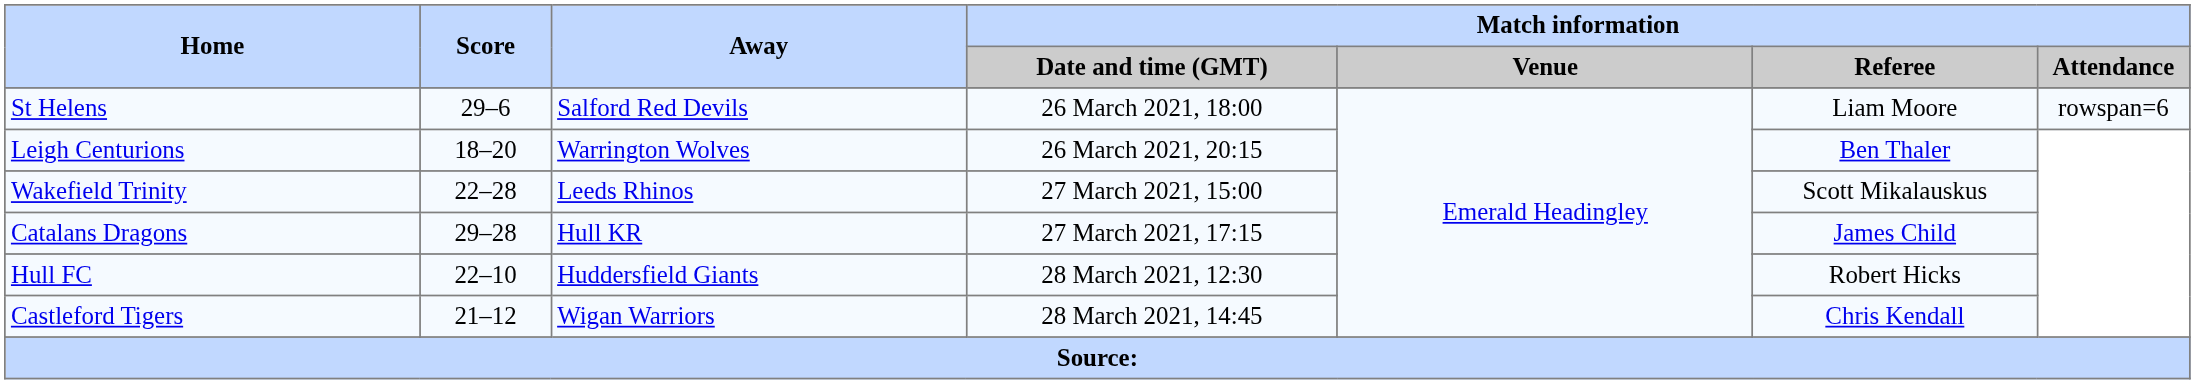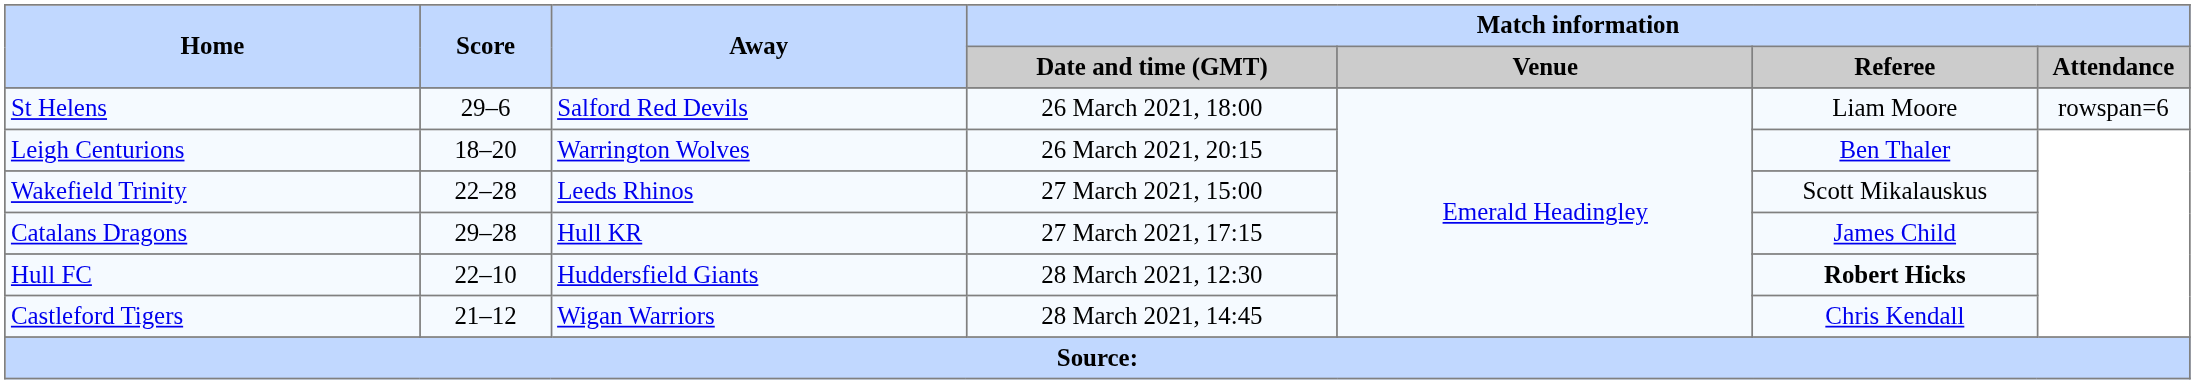 <table border=1 style="border-collapse:collapse; font-size:90%; text-align:center;" cellpadding=3 cellspacing=0 width=100%>
 <tr style="background:#C1D8ff;">
 <th scope="col" rowspan=2 width=19%>Home</th>
 <th scope="col" rowspan=2 width=6%>Score</th>
 <th scope="col" rowspan=2 width=19%>Away</th>
 <th colspan=4>Match information</th>
 </tr>
 <tr style="background:#CCCCCC;">
 <th scope="col" width=17%>Date and time (GMT)</th>
 <th scope="col" width=19%>Venue</th>
 <th scope="col" width=13%>Referee</th>
 <th scope="col" width=7%>Attendance</th>
 </tr>
 <tr style="background:#F5FAFF;">
 <td style="text-align:left;"> <a href='#'>St Helens</a></td>
 <td>29–6</td>
 <td style="text-align:left;"> <a href='#'>Salford Red Devils</a></td>
 <td>26 March 2021, 18:00</td>
 <td rowspan=6><a href='#'>Emerald Headingley</a></td>
 <td>Liam Moore</td>
 <td>rowspan=6</td>
 </tr>
 <tr style="background:#F5FAFF;">
 <td style="text-align:left;"> <a href='#'>Leigh Centurions</a></td>
 <td>18–20</td>
 <td style="text-align:left;"> <a href='#'>Warrington Wolves</a></td>
 <td>26 March 2021, 20:15</td>
 <td><a href='#'>Ben Thaler</a></td>
 </tr>
 <tr style="background:#F5FAFF;">
 <td style="text-align:left;"> <a href='#'>Wakefield Trinity</a></td>
 <td>22–28</td>
 <td style="text-align:left;"> <a href='#'>Leeds Rhinos</a></td>
 <td>27 March 2021, 15:00</td>
 <td>Scott Mikalauskus</td>
 </tr>
 <tr style="background:#F5FAFF;">
 <td style="text-align:left;"> <a href='#'>Catalans Dragons</a></td>
 <td>29–28</td>
 <td style="text-align:left;"> <a href='#'>Hull KR</a></td>
 <td>27 March 2021, 17:15</td>
 <td><a href='#'>James Child</a></td>
 </tr>
 <tr style="background:#F5FAFF;">
 <td style="text-align:left;"> <a href='#'>Hull FC</a></td>
 <td>22–10</td>
 <td style="text-align:left;"> <a href='#'>Huddersfield Giants</a></td>
 <td>28 March 2021, 12:30</td>
-<td>Robert Hicks</td>
+<td><strong>Robert Hicks</strong></td>
 </tr>
 <tr style="background:#F5FAFF;">
 <td style="text-align:left;"> <a href='#'>Castleford Tigers</a></td>
 <td>21–12</td>
 <td style="text-align:left;"> <a href='#'>Wigan Warriors</a></td>
 <td>28 March 2021, 14:45</td>
 <td><a href='#'>Chris Kendall</a></td>
 </tr>
 <tr style="background:#c1d8ff;">
 <th colspan=7>Source:</th>
 </tr>
 </table>
